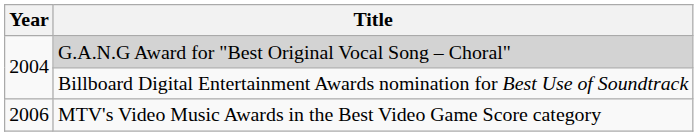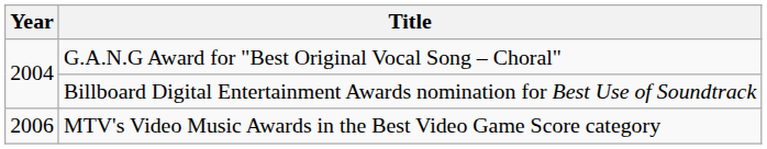 <table class="wikitable">
 <tr>
 <th>Year</th>
 <th>Title</th>
 </tr>
 <tr>
 <td rowspan="2">2004</td>
-<td style="background: lightgrey;">G.A.N.G Award for "Best Original Vocal Song – Choral"</td>
+<td>G.A.N.G Award for "Best Original Vocal Song – Choral"</td>
 </tr>
 <tr>
 <td>Billboard Digital Entertainment Awards nomination for <em>Best Use of Soundtrack</em></td>
 </tr>
 <tr>
 <td>2006</td>
 <td>MTV's Video Music Awards in the Best Video Game Score category</td>
 </tr>
 </table>
